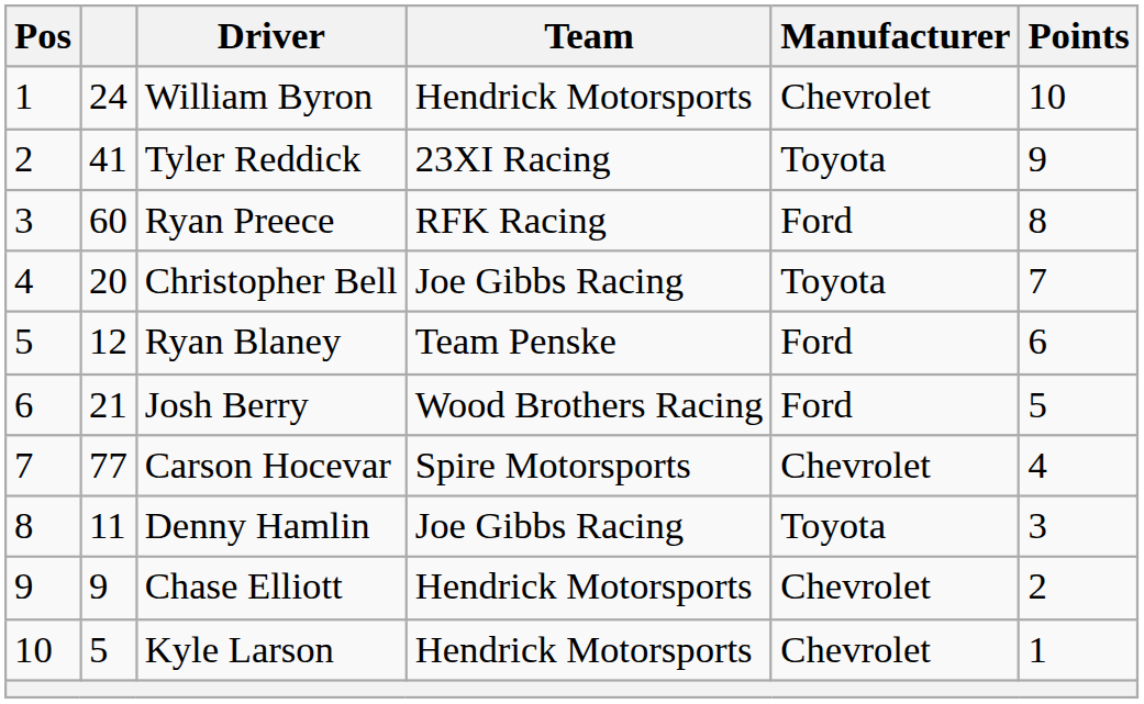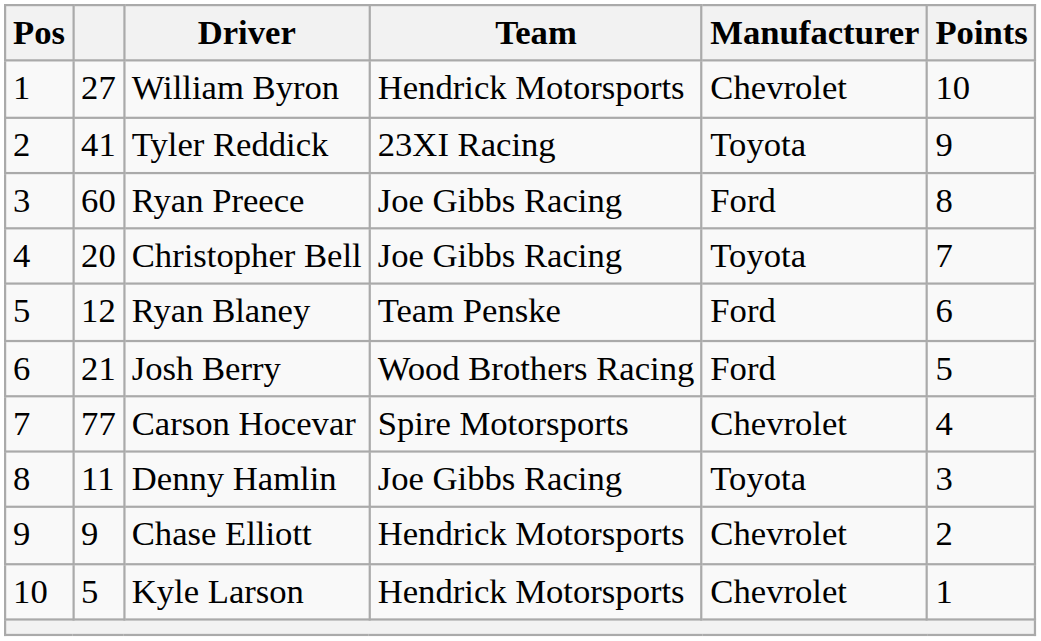 <table class="wikitable" style="font-size:98%">
 <tr>
 <th>Pos</th>
 <th></th>
 <th>Driver</th>
 <th>Team</th>
 <th>Manufacturer</th>
 <th>Points</th>
 </tr>
 <tr>
 <td>1</td>
-<td>24</td>
+<td>27</td>
 <td>William Byron</td>
 <td>Hendrick Motorsports</td>
 <td>Chevrolet</td>
 <td>10</td>
 </tr>
 <tr>
 <td>2</td>
 <td>41</td>
 <td>Tyler Reddick</td>
 <td>23XI Racing</td>
 <td>Toyota</td>
 <td>9</td>
 </tr>
 <tr>
 <td>3</td>
 <td>60</td>
 <td>Ryan Preece</td>
-<td>RFK Racing</td>
+<td>Joe Gibbs Racing</td>
 <td>Ford</td>
 <td>8</td>
 </tr>
 <tr>
 <td>4</td>
 <td>20</td>
 <td>Christopher Bell</td>
 <td>Joe Gibbs Racing</td>
 <td>Toyota</td>
 <td>7</td>
 </tr>
 <tr>
 <td>5</td>
 <td>12</td>
 <td>Ryan Blaney</td>
 <td>Team Penske</td>
 <td>Ford</td>
 <td>6</td>
 </tr>
 <tr>
 <td>6</td>
 <td>21</td>
 <td>Josh Berry</td>
 <td>Wood Brothers Racing</td>
 <td>Ford</td>
 <td>5</td>
 </tr>
 <tr>
 <td>7</td>
 <td>77</td>
 <td>Carson Hocevar</td>
 <td>Spire Motorsports</td>
 <td>Chevrolet</td>
 <td>4</td>
 </tr>
 <tr>
 <td>8</td>
 <td>11</td>
 <td>Denny Hamlin</td>
 <td>Joe Gibbs Racing</td>
 <td>Toyota</td>
 <td>3</td>
 </tr>
 <tr>
 <td>9</td>
 <td>9</td>
 <td>Chase Elliott</td>
 <td>Hendrick Motorsports</td>
 <td>Chevrolet</td>
 <td>2</td>
 </tr>
 <tr>
 <td>10</td>
 <td>5</td>
 <td>Kyle Larson</td>
 <td>Hendrick Motorsports</td>
 <td>Chevrolet</td>
 <td>1</td>
 </tr>
 <tr>
 <th colspan="6"></th>
 </tr>
 </table>
